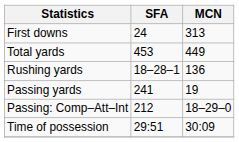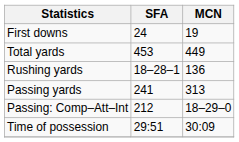 <table class="wikitable" style="float: left;">
 <tr>
 <th>Statistics</th>
 <th>SFA</th>
 <th>MCN</th>
 </tr>
 <tr>
 <td>First downs</td>
 <td>24</td>
-<td>313</td>
+<td>19</td>
 </tr>
 <tr>
 <td>Total yards</td>
 <td>453</td>
 <td>449</td>
 </tr>
 <tr>
 <td>Rushing yards</td>
 <td>18–28–1</td>
 <td>136</td>
 </tr>
 <tr>
 <td>Passing yards</td>
 <td>241</td>
-<td>19</td>
+<td>313</td>
 </tr>
 <tr>
 <td>Passing: Comp–Att–Int</td>
 <td>212</td>
 <td>18–29–0</td>
 </tr>
 <tr>
 <td>Time of possession</td>
 <td>29:51</td>
 <td>30:09</td>
 </tr>
 <tr>
 </tr>
 </table>
